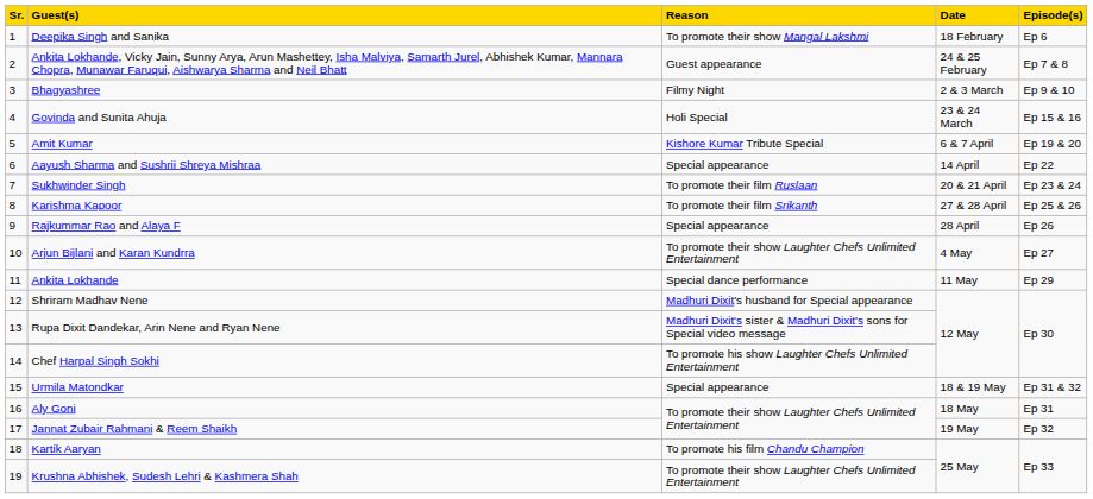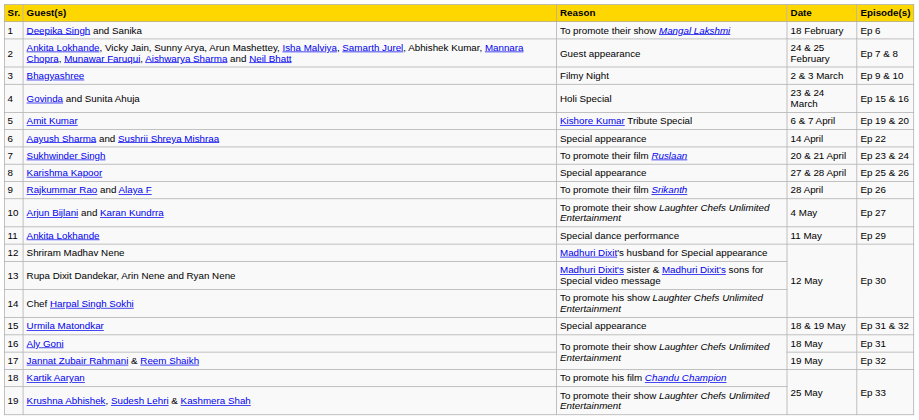 <table border="2" cellpadding="4" cellspacing="0" style="margin: 1em 1em 1em 0;font-size:85%; background: #f9f9f9; border: 1px #aaa solid; border-collapse: collapse; width:100%;">
 <tr>
 <td Bgcolor=gold><strong>Sr.</strong></td>
 <td Bgcolor=gold><strong>Guest(s)</strong></td>
 <td Bgcolor=gold><strong>Reason</strong></td>
 <td bgcolor="gold"><strong>Date</strong></td>
 <td bgcolor="gold"><strong>Episode(s)</strong></td>
 </tr>
 <tr>
 <td>1</td>
 <td><a href='#'>Deepika Singh</a> and Sanika</td>
 <td>To promote their show <em><a href='#'>Mangal Lakshmi</a></em></td>
 <td>18 February</td>
 <td>Ep 6</td>
 </tr>
 <tr>
 <td>2</td>
 <td><a href='#'>Ankita Lokhande</a>, Vicky Jain, Sunny Arya, Arun Mashettey, <a href='#'>Isha Malviya</a>, <a href='#'>Samarth Jurel</a>, Abhishek Kumar, <a href='#'>Mannara Chopra</a>, <a href='#'>Munawar Faruqui</a>, <a href='#'>Aishwarya Sharma</a> and <a href='#'>Neil Bhatt</a></td>
 <td>Guest appearance</td>
 <td>24 & 25 February</td>
 <td>Ep 7 & 8</td>
 </tr>
 <tr>
 <td>3</td>
 <td><a href='#'>Bhagyashree</a></td>
 <td>Filmy Night</td>
 <td>2 & 3 March</td>
 <td>Ep 9 & 10</td>
 </tr>
 <tr>
 <td>4</td>
 <td><a href='#'>Govinda</a> and Sunita Ahuja</td>
 <td>Holi Special</td>
 <td>23 & 24 March</td>
 <td>Ep 15 & 16</td>
 </tr>
 <tr>
 <td>5</td>
 <td><a href='#'>Amit Kumar</a></td>
 <td><a href='#'>Kishore Kumar</a> Tribute Special</td>
 <td>6 & 7 April</td>
 <td>Ep 19 & 20</td>
 </tr>
 <tr>
 <td>6</td>
 <td><a href='#'>Aayush Sharma</a> and <a href='#'>Sushrii Shreya Mishraa</a></td>
 <td>Special appearance</td>
 <td>14 April</td>
 <td>Ep 22</td>
 </tr>
 <tr>
 <td>7</td>
 <td><a href='#'>Sukhwinder Singh</a></td>
 <td>To promote their film <em><a href='#'>Ruslaan</a></em></td>
 <td>20 & 21 April</td>
 <td>Ep 23 & 24</td>
 </tr>
 <tr>
 <td>8</td>
 <td><a href='#'>Karishma Kapoor</a></td>
-<td>To promote their film <em><a href='#'>Srikanth</a></em></td>
+<td>Special appearance</td>
 <td>27 & 28 April</td>
 <td>Ep 25 & 26</td>
 </tr>
 <tr>
 <td>9</td>
 <td><a href='#'>Rajkummar Rao</a> and <a href='#'>Alaya F</a></td>
-<td>Special appearance</td>
+<td>To promote their film <em><a href='#'>Srikanth</a></em></td>
 <td>28 April</td>
 <td>Ep 26</td>
 </tr>
 <tr>
 <td>10</td>
 <td><a href='#'>Arjun Bijlani</a> and <a href='#'>Karan Kundrra</a></td>
 <td>To promote their show <em>Laughter Chefs Unlimited Entertainment</em></td>
 <td>4 May</td>
 <td>Ep 27</td>
 </tr>
 <tr>
 <td>11</td>
 <td><a href='#'>Ankita Lokhande</a></td>
 <td>Special dance performance</td>
 <td>11 May</td>
 <td>Ep 29</td>
 </tr>
 <tr>
 <td>12</td>
 <td>Shriram Madhav Nene</td>
 <td><a href='#'>Madhuri Dixit</a>'s husband for Special appearance</td>
 <td rowspan="3">12 May</td>
 <td rowspan="3">Ep 30</td>
 </tr>
 <tr>
 <td>13</td>
 <td>Rupa Dixit Dandekar, Arin Nene and Ryan Nene</td>
 <td><a href='#'>Madhuri Dixit's</a> sister & <a href='#'>Madhuri Dixit's</a> sons for Special video message</td>
 </tr>
 <tr>
 <td>14</td>
 <td>Chef <a href='#'>Harpal Singh Sokhi</a></td>
 <td>To promote his show <em>Laughter Chefs Unlimited Entertainment</em></td>
 </tr>
 <tr>
 <td>15</td>
 <td><a href='#'>Urmila Matondkar</a></td>
 <td>Special appearance</td>
 <td>18 & 19 May</td>
 <td>Ep 31 & 32</td>
 </tr>
 <tr>
 <td>16</td>
 <td><a href='#'>Aly Goni</a></td>
 <td rowspan="2">To promote their show <em>Laughter Chefs Unlimited Entertainment</em></td>
 <td>18 May</td>
 <td>Ep 31</td>
 </tr>
 <tr>
 <td>17</td>
 <td><a href='#'>Jannat Zubair Rahmani</a> & <a href='#'>Reem Shaikh</a></td>
 <td>19 May</td>
 <td>Ep 32</td>
 </tr>
 <tr>
 <td>18</td>
 <td><a href='#'>Kartik Aaryan</a></td>
 <td>To promote his film <em><a href='#'>Chandu Champion</a></em></td>
 <td rowspan="2">25 May</td>
 <td rowspan="2">Ep 33</td>
 </tr>
 <tr>
 <td>19</td>
 <td><a href='#'>Krushna Abhishek</a>, <a href='#'>Sudesh Lehri</a> & <a href='#'>Kashmera Shah</a></td>
 <td>To promote their show <em>Laughter Chefs Unlimited Entertainment</em></td>
 </tr>
 </table>
